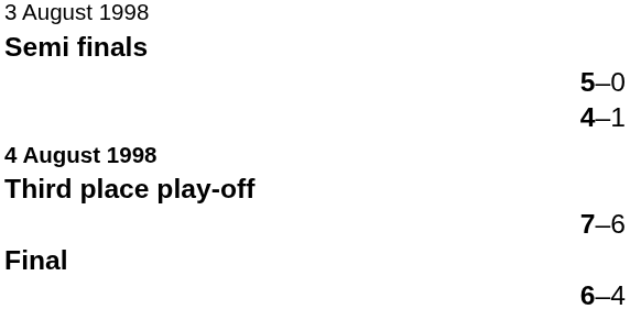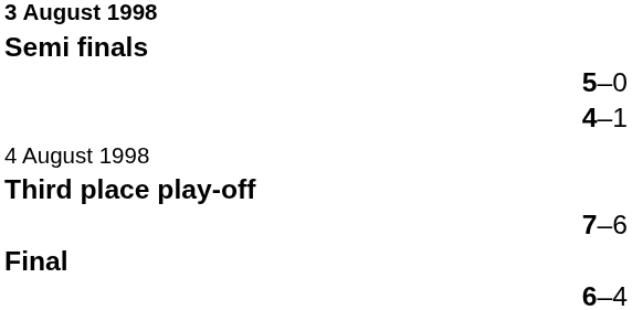 <table width=100% cellspacing=1>
 <tr>
 <th width=22%></th>
 <th width=12%></th>
 <th></th>
 </tr>
 <tr>
-<td><small>3 August 1998</small></td>
+<td><strong><small>3 August 1998</small></strong></td>
 </tr>
 <tr>
 <td><strong>Semi finals</strong></td>
 </tr>
 <tr>
 <td align=right><strong></strong></td>
 <td align=center><strong>5</strong>–0</td>
 <td></td>
 </tr>
 <tr>
 <td align=right><strong></strong></td>
 <td align=center><strong>4</strong>–1</td>
 <td></td>
 </tr>
 <tr>
-<td><strong><small>4 August 1998</small></strong></td>
+<td><small>4 August 1998</small></td>
 </tr>
 <tr>
 <td><strong>Third place play-off</strong></td>
 </tr>
 <tr>
 <td align=right><strong></strong></td>
 <td align=center><strong>7</strong>–6</td>
 <td></td>
 </tr>
 <tr>
 <td><strong>Final</strong></td>
 </tr>
 <tr>
 <td align=right><strong></strong></td>
 <td align=center><strong>6</strong>–4</td>
 <td></td>
 </tr>
 </table>
